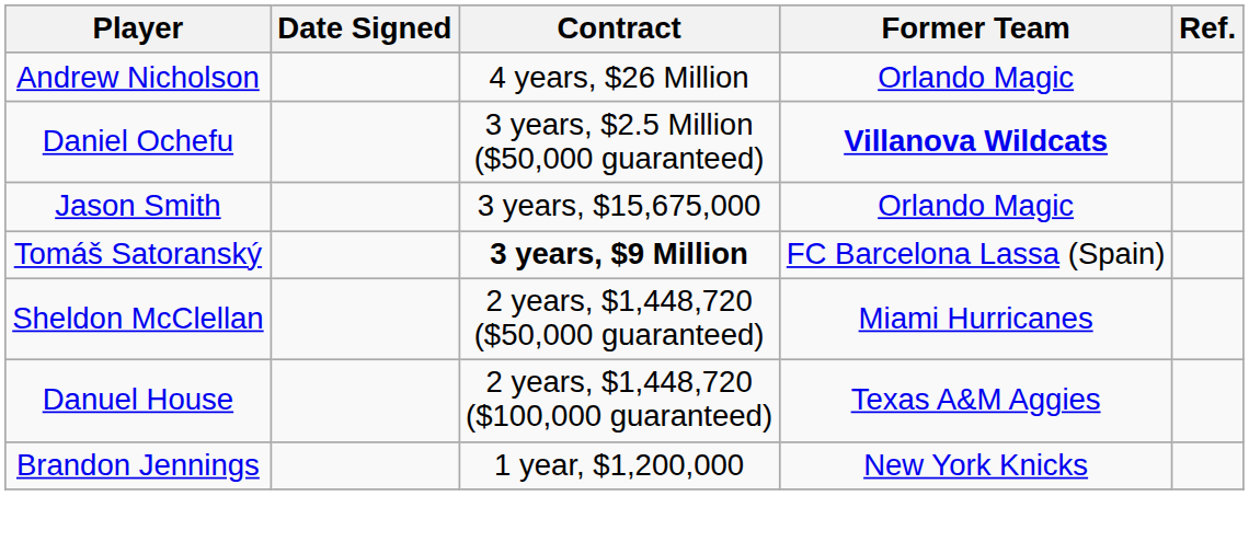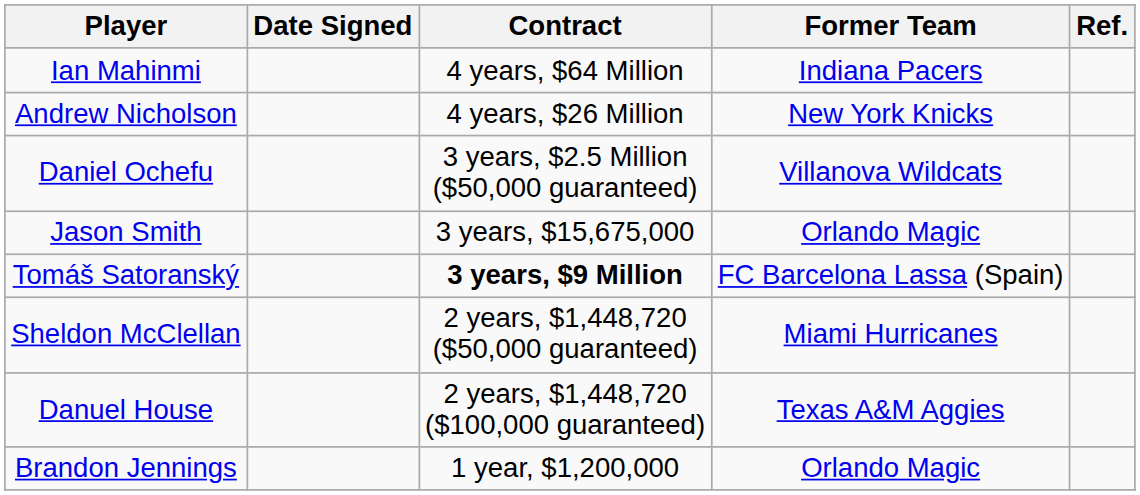 <table class="wikitable sortable sortable">
 <tr>
 <th>Player</th>
 <th>Date Signed</th>
 <th>Contract</th>
 <th>Former Team</th>
 <th>Ref.</th>
 </tr>
 <tr style="text-align: center">
+<td><a href='#'>Ian Mahinmi</a></td>
+<td></td>
+<td>4 years, $64 Million</td>
+<td><a href='#'>Indiana Pacers</a></td>
+<td></td>
+</tr>
+<tr style="text-align: center">
 <td><a href='#'>Andrew Nicholson</a></td>
 <td></td>
 <td>4 years, $26 Million</td>
-<td><a href='#'>Orlando Magic</a></td>
+<td><a href='#'>New York Knicks</a></td>
 <td></td>
 </tr>
 <tr style="text-align: center">
 <td><a href='#'>Daniel Ochefu</a></td>
 <td></td>
 <td>3 years, $2.5 Million <br> ($50,000 guaranteed)</td>
-<td><strong><a href='#'>Villanova Wildcats</a></strong></td>
+<td><a href='#'>Villanova Wildcats</a></td>
 <td></td>
 </tr>
 <tr style="text-align: center">
 <td><a href='#'>Jason Smith</a></td>
 <td></td>
 <td>3 years, $15,675,000</td>
 <td><a href='#'>Orlando Magic</a></td>
 <td></td>
 </tr>
 <tr style="text-align: center">
 <td><a href='#'>Tomáš Satoranský</a></td>
 <td></td>
 <td><strong>3 years, $9 Million</strong></td>
 <td><a href='#'>FC Barcelona Lassa</a> (Spain)</td>
 <td></td>
 </tr>
 <tr style="text-align: center">
 <td><a href='#'>Sheldon McClellan</a></td>
 <td></td>
 <td>2 years, $1,448,720 <br> ($50,000 guaranteed)</td>
 <td><a href='#'>Miami Hurricanes</a></td>
 <td></td>
 </tr>
 <tr style="text-align: center">
 <td><a href='#'>Danuel House</a></td>
 <td></td>
 <td>2 years, $1,448,720 <br> ($100,000 guaranteed)</td>
 <td><a href='#'>Texas A&M Aggies</a></td>
 <td></td>
 </tr>
 <tr style="text-align: center">
 <td><a href='#'>Brandon Jennings</a></td>
 <td></td>
 <td>1 year, $1,200,000</td>
-<td><a href='#'>New York Knicks</a></td>
+<td><a href='#'>Orlando Magic</a></td>
 <td></td>
 </tr>
 </table>
